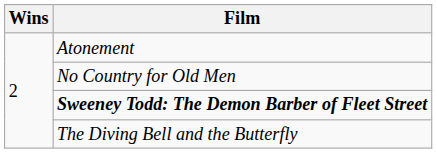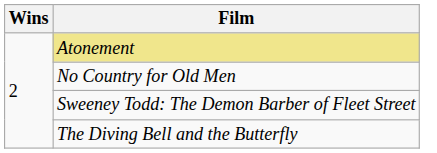 <table class="wikitable">
 <tr>
 <th>Wins</th>
 <th>Film</th>
 </tr>
 <tr>
 <td rowspan="4">2</td>
-<td><em>Atonement</em></td>
+<td style="background: khaki;"><em>Atonement</em></td>
 </tr>
 <tr>
 <td><em>No Country for Old Men</em></td>
 </tr>
 <tr>
-<td><strong><em>Sweeney Todd: The Demon Barber of Fleet Street</em></strong></td>
+<td><em>Sweeney Todd: The Demon Barber of Fleet Street</em></td>
 </tr>
 <tr>
 <td><em>The Diving Bell and the Butterfly</em></td>
 </tr>
 </table>
